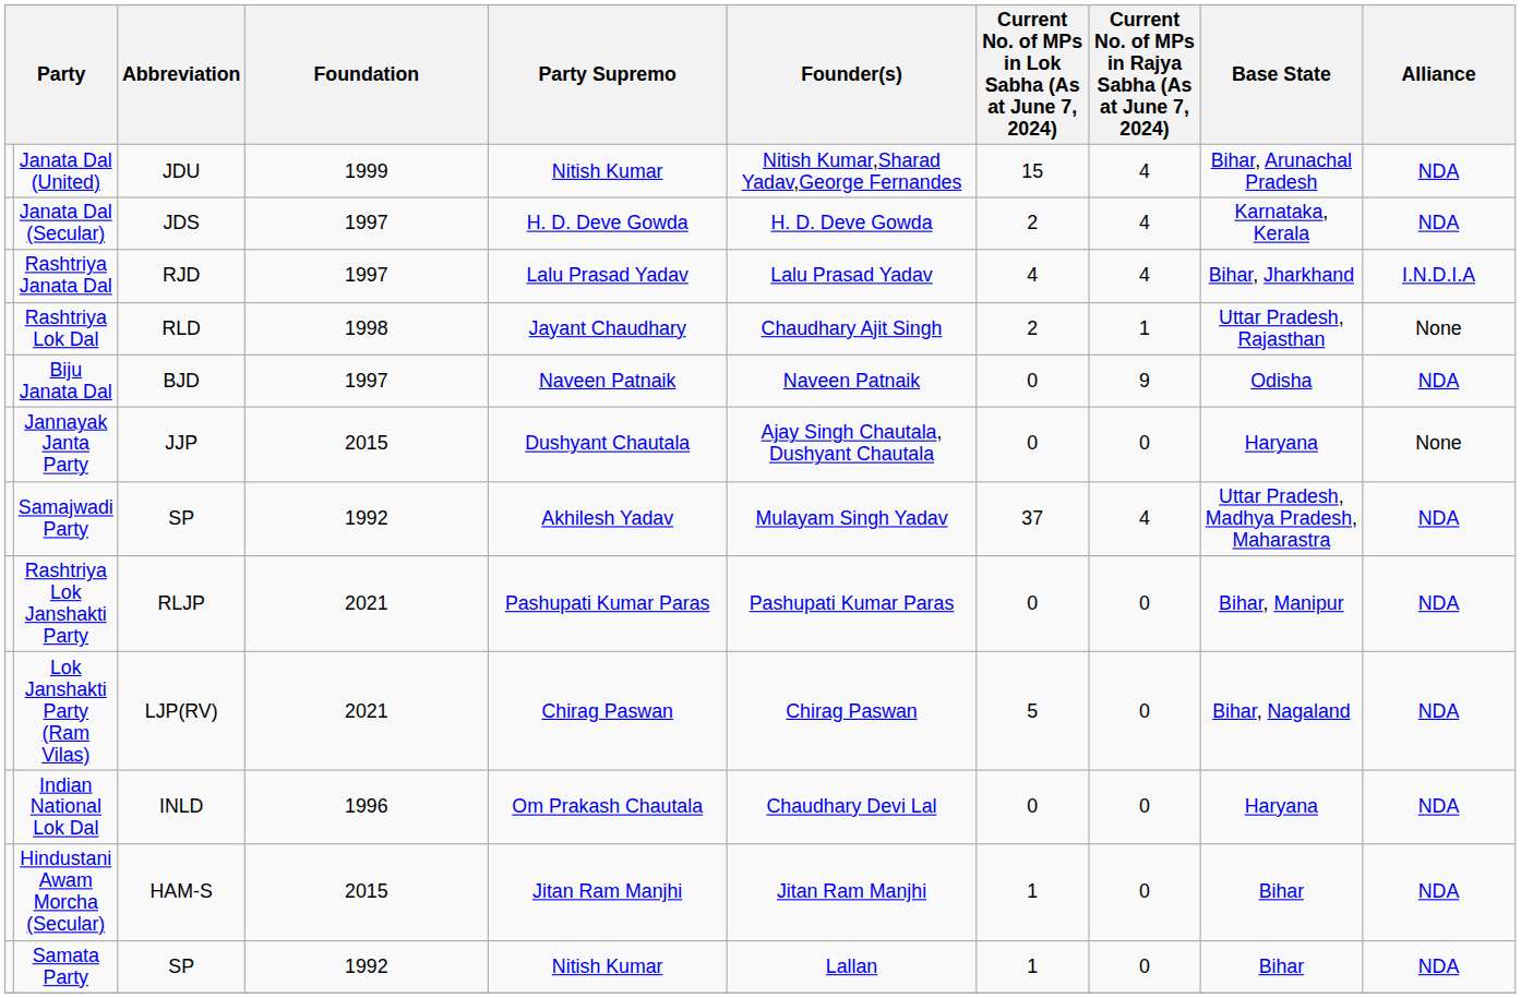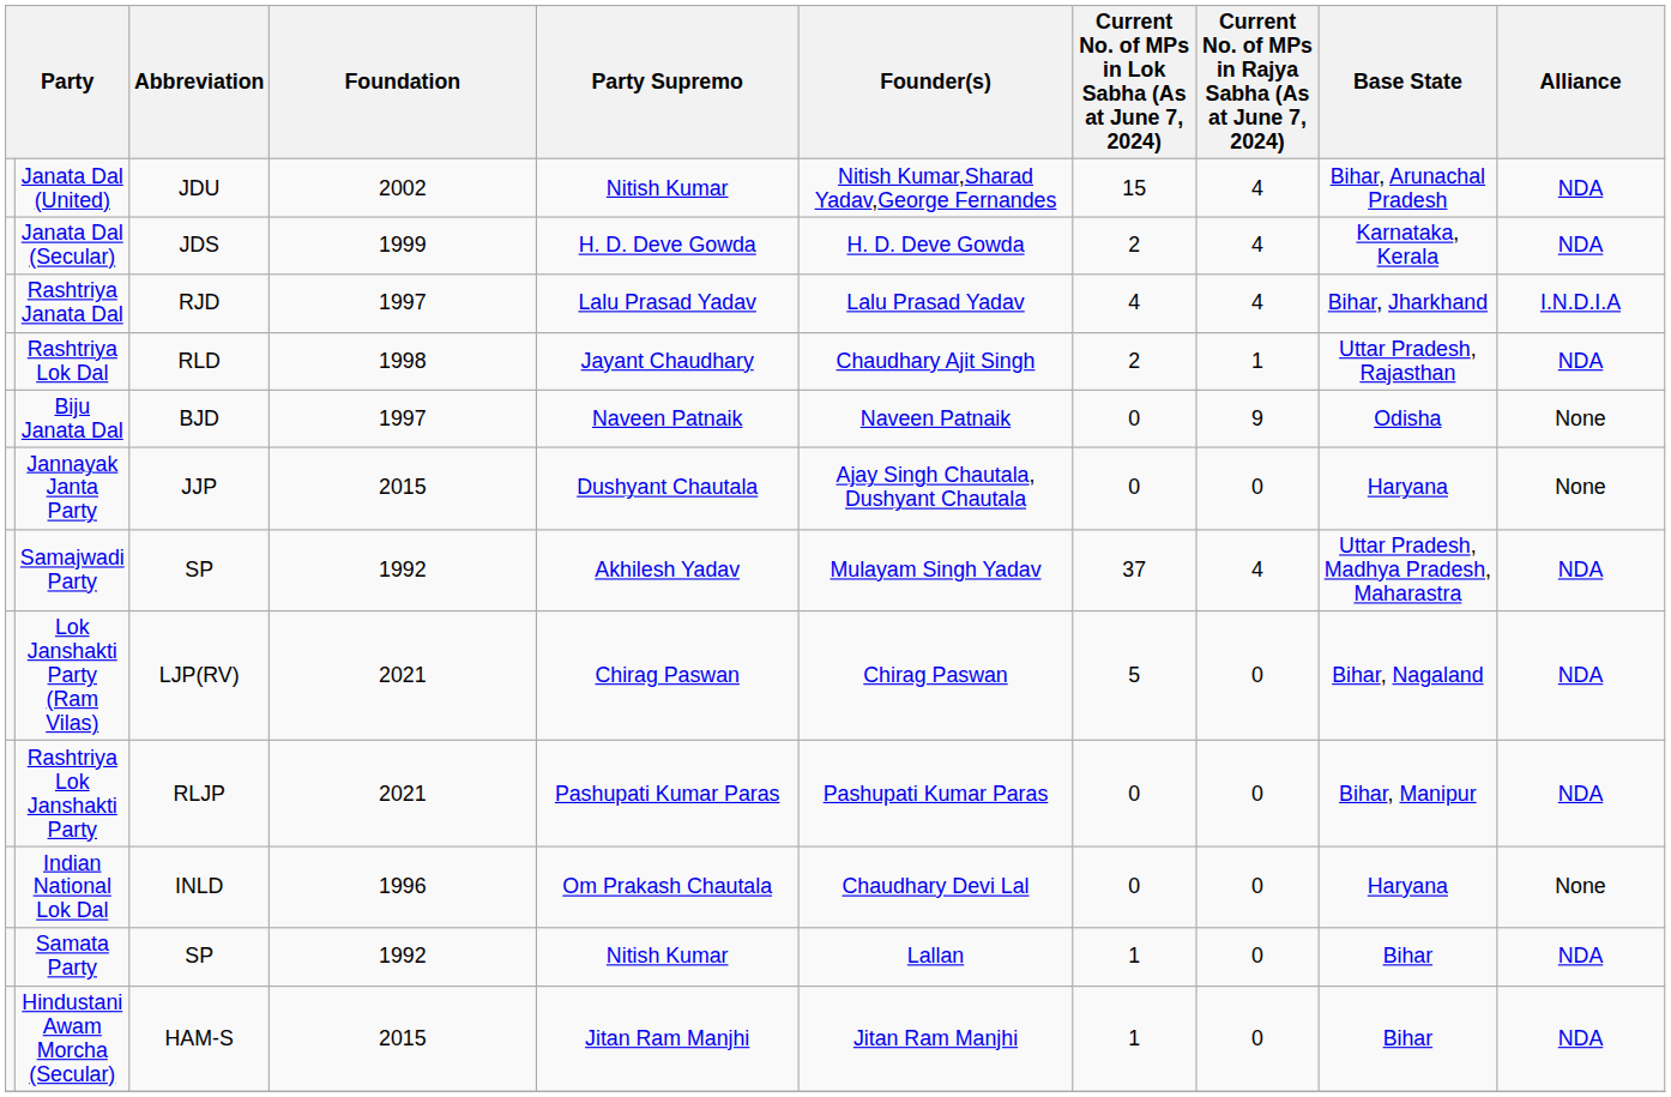 <table class="wikitable sortable" style="text-align:center;">
 <tr>
 <th style="width:250px;" colspan=2>Party</th>
 <th style="width:50px;">Abbreviation</th>
 <th style="width:250px;">Foundation</th>
 <th style="width:250px;">Party Supremo</th>
 <th style="width:250px;">Founder(s) </th>
 <th style="width:100px;">Current No. of MPs in Lok Sabha (As at June 7, 2024)</th>
 <th style="width:100px;">Current No. of MPs in Rajya Sabha (As at June 7, 2024)</th>
 <th style="width:150px;">Base State</th>
 <th style="width:150px;">Alliance</th>
 </tr>
 <tr>
 <td style="background-color:"></td>
 <td><a href='#'>Janata Dal (United)</a></td>
 <td>JDU</td>
-<td>1999</td>
+<td>2002</td>
 <td><a href='#'>Nitish Kumar</a></td>
 <td><a href='#'>Nitish Kumar</a>,<a href='#'>Sharad Yadav</a>,<a href='#'>George Fernandes</a></td>
 <td>15</td>
 <td>4</td>
 <td><a href='#'>Bihar</a>, <a href='#'>Arunachal Pradesh</a></td>
 <td><a href='#'>NDA</a></td>
 </tr>
 <tr>
 <td style="background-color:"></td>
 <td><a href='#'>Janata Dal (Secular)</a></td>
 <td>JDS</td>
-<td>1997</td>
+<td>1999</td>
 <td><a href='#'>H. D. Deve Gowda</a></td>
 <td><a href='#'>H. D. Deve Gowda</a></td>
 <td>2</td>
 <td>4</td>
 <td><a href='#'>Karnataka</a>, <a href='#'>Kerala</a></td>
 <td><a href='#'>NDA</a></td>
 </tr>
 <tr>
 <td style="background-color:"></td>
 <td><a href='#'>Rashtriya Janata Dal</a></td>
 <td>RJD</td>
 <td>1997</td>
 <td><a href='#'>Lalu Prasad Yadav</a></td>
 <td><a href='#'>Lalu Prasad Yadav</a></td>
 <td>4</td>
 <td>4</td>
 <td><a href='#'>Bihar</a>, <a href='#'>Jharkhand</a></td>
 <td><a href='#'>I.N.D.I.A</a></td>
 </tr>
 <tr>
 <td style="background-color:"></td>
 <td><a href='#'>Rashtriya Lok Dal</a></td>
 <td>RLD</td>
 <td>1998</td>
 <td><a href='#'>Jayant Chaudhary</a></td>
 <td><a href='#'>Chaudhary Ajit Singh</a></td>
 <td>2</td>
 <td>1</td>
 <td><a href='#'>Uttar Pradesh</a>, <a href='#'>Rajasthan</a></td>
-<td>None</td>
+<td><a href='#'>NDA</a></td>
 </tr>
 <tr>
 <td style="background-color:"></td>
 <td><a href='#'>Biju Janata Dal</a></td>
 <td>BJD</td>
 <td>1997</td>
 <td><a href='#'>Naveen Patnaik</a></td>
 <td><a href='#'>Naveen Patnaik</a></td>
 <td>0</td>
 <td>9</td>
 <td><a href='#'>Odisha</a></td>
-<td><a href='#'>NDA</a></td>
+<td>None</td>
 </tr>
 <tr>
 <td style="background-color:"></td>
 <td><a href='#'>Jannayak Janta Party</a></td>
 <td>JJP</td>
 <td>2015</td>
 <td><a href='#'>Dushyant Chautala</a></td>
 <td><a href='#'>Ajay Singh Chautala</a>, <a href='#'>Dushyant Chautala</a></td>
 <td>0</td>
 <td>0</td>
 <td><a href='#'>Haryana</a></td>
 <td>None</td>
 </tr>
 <tr>
 <td style="background-color:"></td>
 <td><a href='#'>Samajwadi Party</a></td>
 <td>SP</td>
 <td>1992</td>
 <td><a href='#'>Akhilesh Yadav</a></td>
 <td><a href='#'>Mulayam Singh Yadav</a></td>
 <td>37</td>
 <td>4</td>
 <td><a href='#'>Uttar Pradesh</a>, <a href='#'>Madhya Pradesh</a>, <a href='#'>Maharastra</a></td>
 <td><a href='#'>NDA</a></td>
 </tr>
 <tr>
 <td style="background-color:"></td>
+<td><a href='#'>Lok Janshakti Party (Ram Vilas)</a></td>
+<td>LJP(RV)</td>
+<td>2021</td>
+<td><a href='#'>Chirag Paswan</a></td>
+<td><a href='#'>Chirag Paswan</a></td>
+<td>5</td>
+<td>0</td>
+<td><a href='#'>Bihar</a>, <a href='#'>Nagaland</a></td>
+<td><a href='#'>NDA</a></td>
+</tr>
+<tr>
+<td style="background-color:"></td>
 <td><a href='#'>Rashtriya Lok Janshakti Party</a></td>
 <td>RLJP</td>
 <td>2021</td>
 <td><a href='#'>Pashupati Kumar Paras</a></td>
 <td><a href='#'>Pashupati Kumar Paras</a></td>
 <td>0</td>
 <td>0</td>
 <td><a href='#'>Bihar</a>, <a href='#'>Manipur</a></td>
 <td><a href='#'>NDA</a></td>
 </tr>
 <tr>
 <td style="background-color:"></td>
-<td><a href='#'>Lok Janshakti Party (Ram Vilas)</a></td>
-<td>LJP(RV)</td>
-<td>2021</td>
-<td><a href='#'>Chirag Paswan</a></td>
-<td><a href='#'>Chirag Paswan</a></td>
-<td>5</td>
-<td>0</td>
-<td><a href='#'>Bihar</a>, <a href='#'>Nagaland</a></td>
-<td><a href='#'>NDA</a></td>
-</tr>
-<tr>
-<td style="background-color:"></td>
 <td><a href='#'>Indian National Lok Dal</a></td>
 <td>INLD</td>
 <td>1996</td>
 <td><a href='#'>Om Prakash Chautala</a></td>
 <td><a href='#'>Chaudhary Devi Lal</a></td>
 <td>0</td>
 <td>0</td>
 <td><a href='#'>Haryana</a></td>
+<td>None</td>
+</tr>
+<tr>
+<td style="background-color:"></td>
+<td><a href='#'>Samata Party</a></td>
+<td>SP</td>
+<td>1992</td>
+<td><a href='#'>Nitish Kumar</a></td>
+<td><a href='#'>Lallan</a></td>
+<td>1</td>
+<td>0</td>
+<td><a href='#'>Bihar</a></td>
 <td><a href='#'>NDA</a></td>
 </tr>
 <tr>
 <td style="background-color:"></td>
 <td><a href='#'>Hindustani Awam Morcha (Secular)</a></td>
 <td>HAM-S</td>
 <td>2015</td>
 <td><a href='#'>Jitan Ram Manjhi</a></td>
 <td><a href='#'>Jitan Ram Manjhi</a></td>
 <td>1</td>
 <td>0</td>
 <td><a href='#'>Bihar</a></td>
 <td><a href='#'>NDA</a></td>
 </tr>
 <tr>
-<td style="background-color:"></td>
-<td><a href='#'>Samata Party</a></td>
-<td>SP</td>
-<td>1992</td>
-<td><a href='#'>Nitish Kumar</a></td>
-<td><a href='#'>Lallan</a></td>
-<td>1</td>
-<td>0</td>
-<td><a href='#'>Bihar</a></td>
-<td><a href='#'>NDA</a></td>
-</tr>
-<tr>
 </tr>
 </table>
